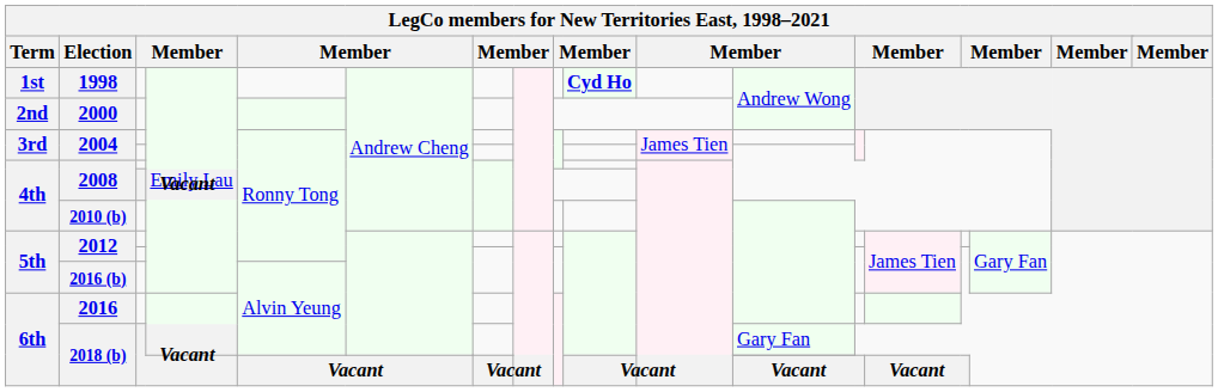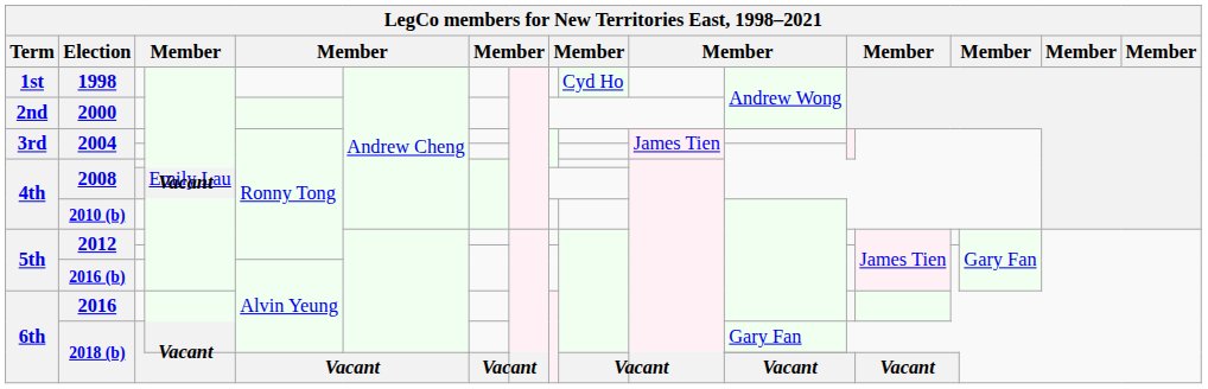 <table class="wikitable" style="text-align:left; font-size:100%;">
 <tr>
 <th colspan = 20>LegCo members for New Territories East, 1998–2021</th>
 </tr>
 <tr>
 <th>Term</th>
 <th>Election</th>
 <th colspan="2" width="50px">Member</th>
 <th colspan="2" width="50px">Member</th>
 <th colspan="2" width="50px">Member</th>
 <th colspan="2" width="50px">Member</th>
 <th colspan="2" width="50px">Member</th>
 <th colspan="2" width="50px">Member</th>
 <th colspan="2" width="50px">Member</th>
 <th colspan="2" width="50px">Member</th>
 <th colspan="2" width="50px">Member</th>
 </tr>
 <tr>
 <th><a href='#'>1st</a></th>
 <th><a href='#'>1998</a></th>
 <td style="color:inherit;background:"></td>
 <td rowspan=10 bgcolor=Honeydew><a href='#'>Emily Lau</a> <br></td>
 <td style="color:inherit;background:"></td>
 <td rowspan=7 bgcolor=Honeydew><a href='#'>Andrew Cheng</a> <br></td>
 <td style="color:inherit;background:"></td>
 <td rowspan=7 bgcolor=LavenderBlush> <br></td>
 <td style="color:inherit;background:"></td>
-<td bgcolor=Honeydew><strong><a href='#'>Cyd Ho</a> <br></strong></td>
+<td bgcolor=Honeydew><a href='#'>Cyd Ho</a> <br></td>
 <td style="color:inherit;background:"></td>
 <td rowspan=2 bgcolor=Honeydew><a href='#'>Andrew Wong</a> <br></td>
 <th colspan=4 rowspan=2 style=border-right-style:hidden;></th>
 <th colspan=4 rowspan=7></th>
 </tr>
 <tr>
 <th><a href='#'>2nd</a></th>
 <th><a href='#'>2000</a></th>
 <td style="color:inherit;background:"></td>
 <td bgcolor=Honeydew> <br></td>
 </tr>
 <tr>
 <th rowspan=2><a href='#'>3rd</a></th>
 <th rowspan=2><a href='#'>2004</a></th>
 <td style="color:inherit;background:"></td>
 <td rowspan=7 bgcolor=Honeydew><a href='#'>Ronny Tong</a> <br></td>
 <td style="color:inherit;background:"></td>
 <td rowspan=3 bgcolor=Honeydew> <br></td>
 <td style="color:inherit;background:"></td>
 <td rowspan=2 bgcolor=LavenderBlush><a href='#'>James Tien</a> <br></td>
 <td style="color:inherit;background:"></td>
 <td rowspan=2 bgcolor=LavenderBlush> <br></td>
 </tr>
 <tr>
 <td style="color:inherit;background:"></td>
 <td></td>
 </tr>
 <tr>
 <th rowspan=3><a href='#'>4th</a></th>
 <th rowspan=2><a href='#'>2008</a></th>
 <td style="color:inherit;background:"></td>
 <td rowspan=3 bgcolor=Honeydew> <br></td>
 <td style="color:inherit;background:"></td>
 <td rowspan=11 bgcolor=LavenderBlush> <br></td>
 </tr>
 <tr>
 <th colspan=2><em>Vacant</em></th>
 </tr>
 <tr>
 <th><small><a href='#'>2010 (b)</a></small></th>
 <td style="color:inherit;background:"></td>
 <td style="color:inherit;background:"></td>
 <td style="color:inherit;background:"></td>
 <td rowspan=5 bgcolor=Honeydew> <br></td>
 </tr>
 <tr>
 <th rowspan=3><a href='#'>5th</a></th>
 <th rowspan=2><a href='#'>2012</a></th>
 <td style="color:inherit;background:"></td>
 <td rowspan=7 bgcolor=Honeydew> <br></td>
 <td style="color:inherit;background:"></td>
 <td rowspan=8 bgcolor=LavenderBlush> <br></td>
 <td style="color:inherit;background:"></td>
 <td rowspan=7 bgcolor=Honeydew> <br></td>
 <td style="color:inherit;background:"></td>
 <td rowspan=3 bgcolor=LavenderBlush><a href='#'>James Tien</a> <br></td>
 <td style="color:inherit;background:"></td>
 <td rowspan=3 bgcolor=Honeydew><a href='#'>Gary Fan</a> <br></td>
 </tr>
 <tr>
 <td style="color:inherit;background:"></td>
 </tr>
 <tr>
 <th><small><a href='#'>2016 (b)</a></small></th>
 <td style="color:inherit;background:"></td>
 <td rowspan=4 bgcolor=Honeydew><a href='#'>Alvin Yeung</a> <br></td>
 </tr>
 <tr>
 <th rowspan=5><a href='#'>6th</a></th>
 <th><a href='#'>2016</a></th>
 <td style="color:inherit;background:"></td>
 <td rowspan=4 bgcolor=Honeydew> <br></td>
 <td style="color:inherit;background:"></td>
 <td rowspan=5 bgcolor=LavenderBlush> <br></td>
 <td style="color:inherit;background:"></td>
 <td bgcolor=Honeydew> <br></td>
 </tr>
 <tr>
 <th rowspan=4><small><a href='#'>2018 (b)</a></small></th>
 <th colspan=2 rowspan=4><em>Vacant</em></th>
 <td style="color:inherit;background:"></td>
 <td bgcolor=Honeydew><a href='#'>Gary Fan</a> <br></td>
 </tr>
 <tr>
 <th colspan=2 rowspan=3><em>Vacant</em></th>
 </tr>
 <tr>
 <th colspan=2 rowspan=2><em>Vacant</em></th>
 </tr>
 <tr>
 <th colspan=2><em>Vacant</em></th>
 <th colspan=2><em>Vacant</em></th>
 <th colspan=2><em>Vacant</em></th>
 </tr>
 </table>
